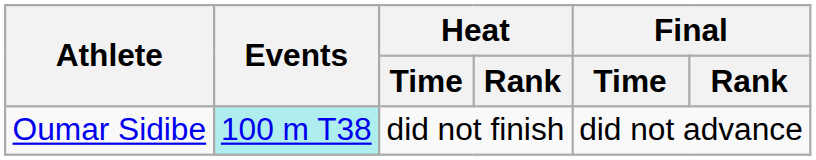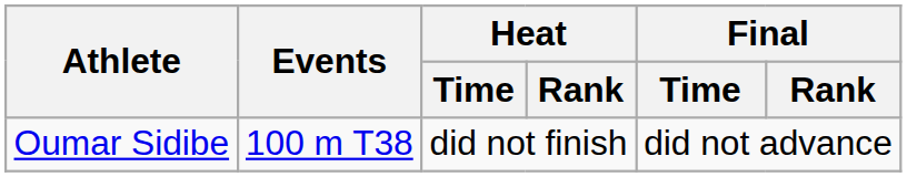 <table class=wikitable style="font-size:90%">
 <tr>
 <th rowspan="2">Athlete</th>
 <th rowspan="2">Events</th>
 <th colspan="2">Heat</th>
 <th colspan="2">Final</th>
 </tr>
 <tr>
 <th>Time</th>
 <th>Rank</th>
 <th>Time</th>
 <th>Rank</th>
 </tr>
 <tr align=center>
 <td align=left><a href='#'>Oumar Sidibe</a></td>
-<td align=left style="background: paleturquoise;"><a href='#'>100 m T38</a></td>
+<td align=left><a href='#'>100 m T38</a></td>
 <td colspan=2>did not finish</td>
 <td colspan=2>did not advance</td>
 </tr>
 </table>
